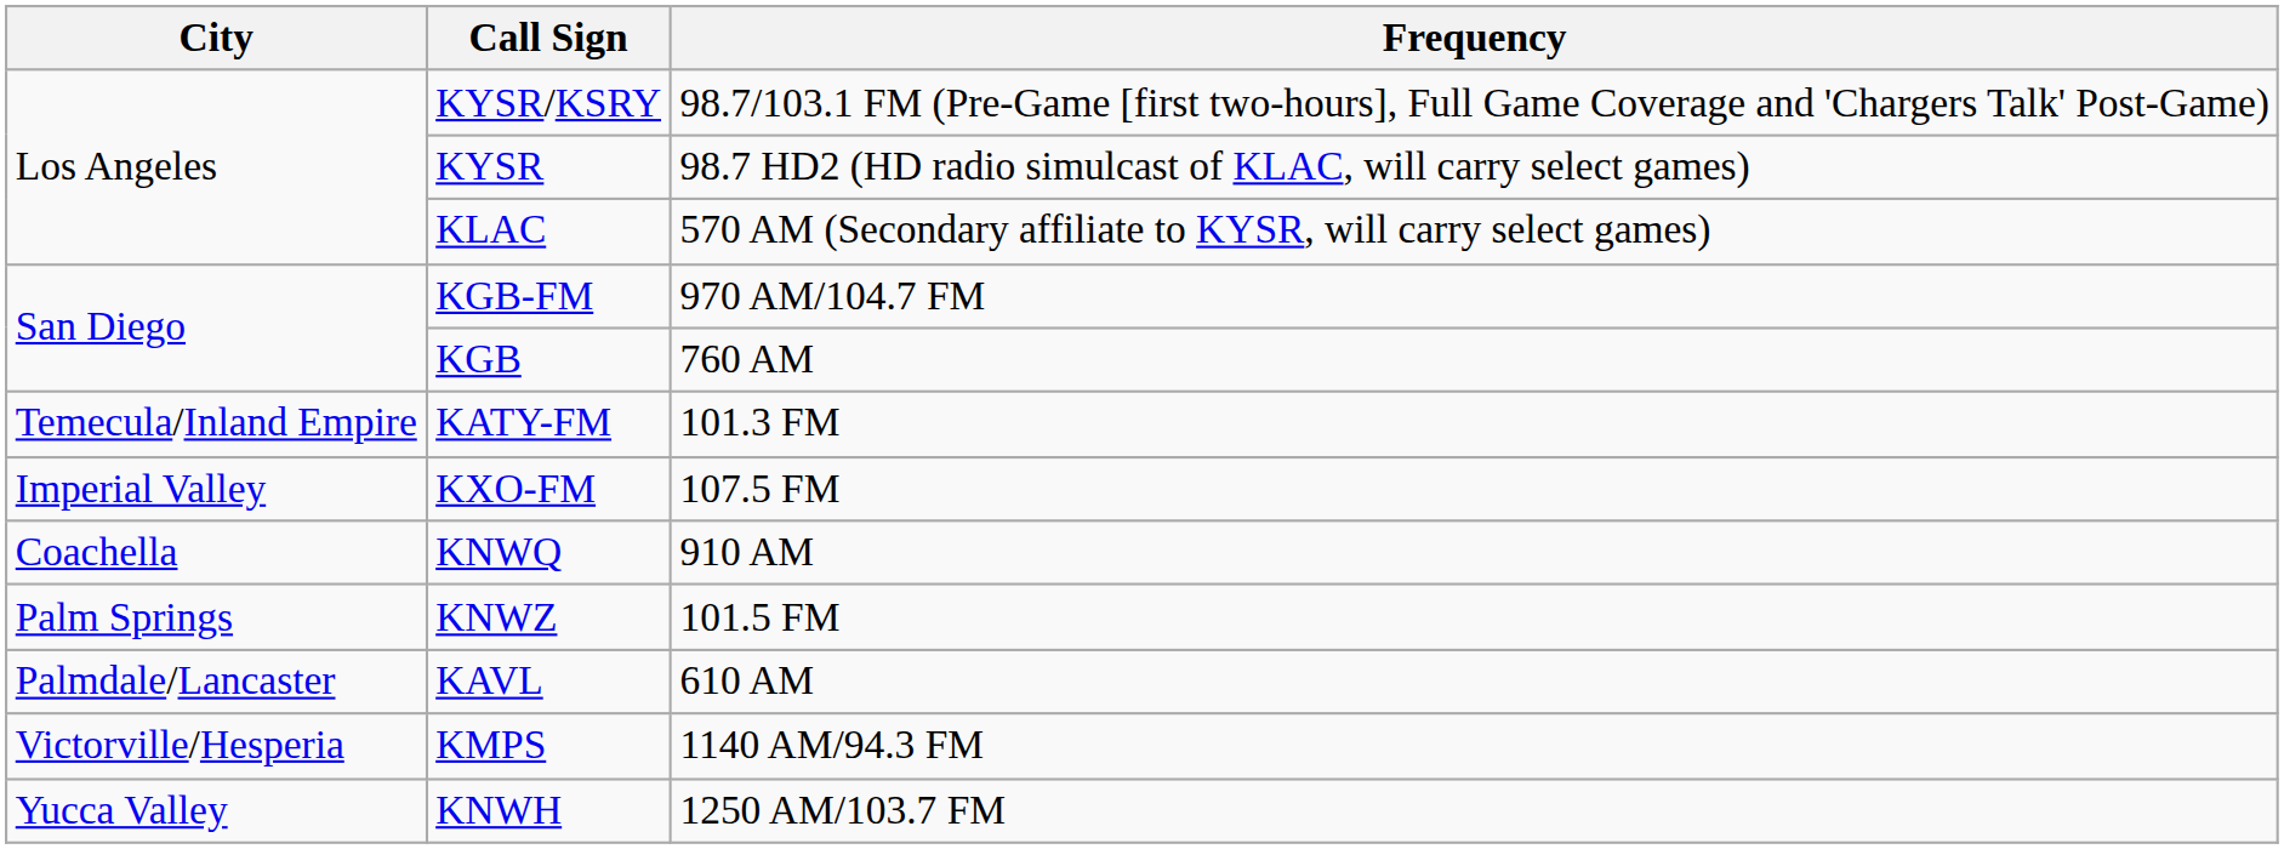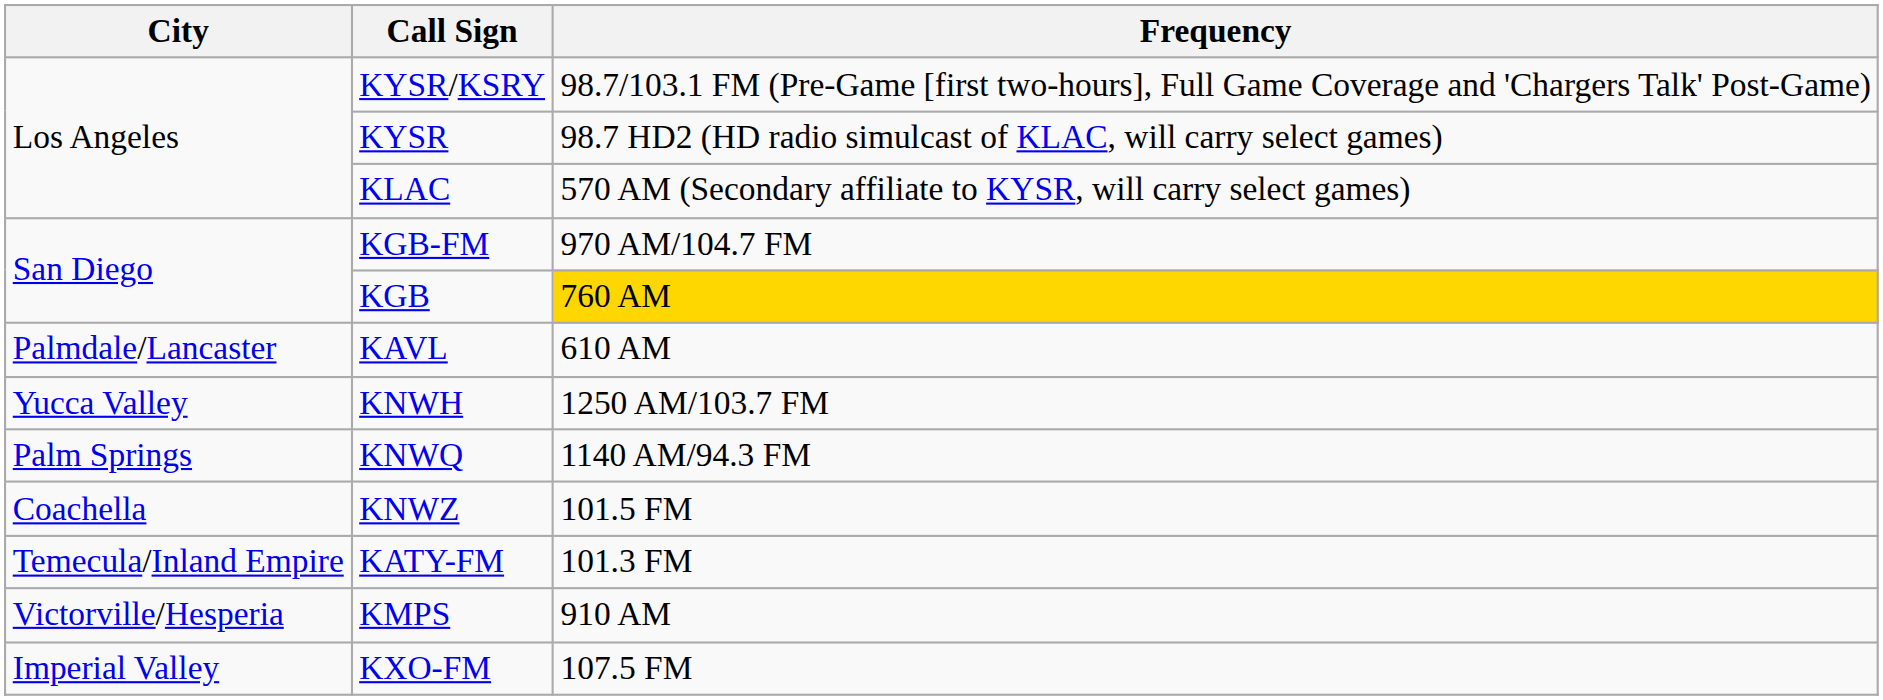 <table class="wikitable">
 <tr>
 <th>City</th>
 <th>Call Sign</th>
 <th>Frequency</th>
 </tr>
 <tr>
 <td rowspan=3>Los Angeles</td>
 <td><a href='#'>KYSR</a>/<a href='#'>KSRY</a></td>
 <td>98.7/103.1 FM (Pre-Game [first two-hours], Full Game Coverage and 'Chargers Talk' Post-Game)</td>
 </tr>
 <tr>
 <td><a href='#'>KYSR</a></td>
 <td>98.7 HD2 (HD radio simulcast of <a href='#'>KLAC</a>, will carry select games)</td>
 </tr>
 <tr>
 <td><a href='#'>KLAC</a></td>
 <td>570 AM (Secondary affiliate to <a href='#'>KYSR</a>, will carry select games)</td>
 </tr>
 <tr>
 <td rowspan=2><a href='#'>San Diego</a></td>
 <td><a href='#'>KGB-FM</a></td>
 <td>970 AM/104.7 FM</td>
 </tr>
 <tr>
 <td><a href='#'>KGB</a></td>
-<td>760 AM</td>
+<td style="background: gold;">760 AM</td>
+</tr>
+<tr>
+<td><a href='#'>Palmdale</a>/<a href='#'>Lancaster</a></td>
+<td><a href='#'>KAVL</a></td>
+<td>610 AM</td>
+</tr>
+<tr>
+<td><a href='#'>Yucca Valley</a></td>
+<td><a href='#'>KNWH</a></td>
+<td>1250 AM/103.7 FM</td>
+</tr>
+<tr>
+<td><a href='#'>Palm Springs</a></td>
+<td><a href='#'>KNWQ</a></td>
+<td>1140 AM/94.3 FM</td>
+</tr>
+<tr>
+<td><a href='#'>Coachella</a></td>
+<td><a href='#'>KNWZ</a></td>
+<td>101.5 FM</td>
 </tr>
 <tr>
 <td><a href='#'>Temecula</a>/<a href='#'>Inland Empire</a></td>
 <td><a href='#'>KATY-FM</a></td>
 <td>101.3 FM</td>
 </tr>
 <tr>
+<td><a href='#'>Victorville</a>/<a href='#'>Hesperia</a></td>
+<td><a href='#'>KMPS</a></td>
+<td>910 AM</td>
+</tr>
+<tr>
 <td><a href='#'>Imperial Valley</a></td>
 <td><a href='#'>KXO-FM</a></td>
 <td>107.5 FM</td>
 </tr>
-<tr>
-<td><a href='#'>Coachella</a></td>
-<td><a href='#'>KNWQ</a></td>
-<td>910 AM</td>
-</tr>
-<tr>
-<td><a href='#'>Palm Springs</a></td>
-<td><a href='#'>KNWZ</a></td>
-<td>101.5 FM</td>
-</tr>
-<tr>
-<td><a href='#'>Palmdale</a>/<a href='#'>Lancaster</a></td>
-<td><a href='#'>KAVL</a></td>
-<td>610 AM</td>
-</tr>
-<tr>
-<td><a href='#'>Victorville</a>/<a href='#'>Hesperia</a></td>
-<td><a href='#'>KMPS</a></td>
-<td>1140 AM/94.3 FM</td>
-</tr>
-<tr>
-<td><a href='#'>Yucca Valley</a></td>
-<td><a href='#'>KNWH</a></td>
-<td>1250 AM/103.7 FM</td>
-</tr>
 </table>
